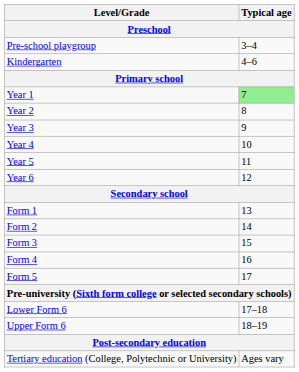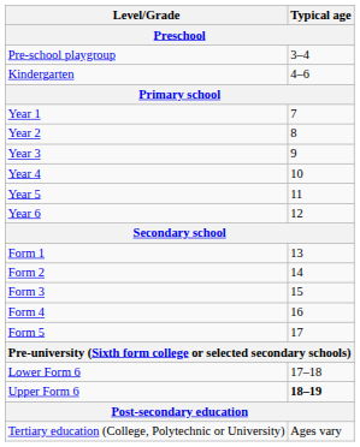 <table class="wikitable">
 <tr>
 <th>Level/Grade</th>
 <th>Typical age</th>
 </tr>
 <tr>
 <th colspan=2><a href='#'>Preschool</a></th>
 </tr>
 <tr>
 <td><a href='#'>Pre-school playgroup</a></td>
 <td>3–4</td>
 </tr>
 <tr>
 <td><a href='#'>Kindergarten</a></td>
 <td>4–6</td>
 </tr>
 <tr>
 <th colspan=2><a href='#'>Primary school</a></th>
 </tr>
 <tr>
 <td><a href='#'>Year 1</a></td>
-<td style="background: lightgreen;">7</td>
+<td>7</td>
 </tr>
 <tr>
 <td><a href='#'>Year 2</a></td>
 <td>8</td>
 </tr>
 <tr>
 <td><a href='#'>Year 3</a></td>
 <td>9</td>
 </tr>
 <tr>
 <td><a href='#'>Year 4</a></td>
 <td>10</td>
 </tr>
 <tr>
 <td><a href='#'>Year 5</a></td>
 <td>11</td>
 </tr>
 <tr>
 <td><a href='#'>Year 6</a></td>
 <td>12</td>
 </tr>
 <tr>
 <th colspan=2><a href='#'>Secondary school</a></th>
 </tr>
 <tr>
 <td><a href='#'>Form 1</a></td>
 <td>13</td>
 </tr>
 <tr>
 <td><a href='#'>Form 2</a></td>
 <td>14</td>
 </tr>
 <tr>
 <td><a href='#'>Form 3</a></td>
 <td>15</td>
 </tr>
 <tr>
 <td><a href='#'>Form 4</a></td>
 <td>16</td>
 </tr>
 <tr>
 <td><a href='#'>Form 5</a></td>
 <td>17</td>
 </tr>
 <tr>
 <th colspan=2>Pre-university (<a href='#'>Sixth form college</a> or selected secondary schools)</th>
 </tr>
 <tr>
 <td><a href='#'>Lower Form 6</a></td>
 <td>17–18</td>
 </tr>
 <tr>
 <td><a href='#'>Upper Form 6</a></td>
-<td>18–19</td>
+<td><strong>18–19</strong></td>
 </tr>
 <tr>
 <th colspan=2><a href='#'>Post-secondary education</a></th>
 </tr>
 <tr>
 <td><a href='#'>Tertiary education</a> (College, Polytechnic or University)</td>
 <td>Ages vary</td>
 </tr>
 </table>
